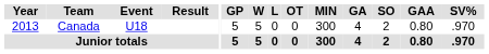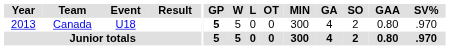 <table border="0" cellpadding="1" cellspacing="0" ID="Table3" style="text-align:center; width:40em">
 <tr bgcolor="#e0e0e0">
 <th>Year</th>
 <th>Team</th>
 <th>Event</th>
 <th>Result</th>
 <th rowspan="99" bgcolor="#ffffff"></th>
 <th>GP</th>
 <th>W</th>
 <th>L</th>
 <th>OT</th>
 <th>MIN</th>
 <th>GA</th>
 <th>SO</th>
 <th>GAA</th>
 <th>SV%</th>
 </tr>
 <tr>
 <td><a href='#'>2013</a></td>
 <td><a href='#'>Canada</a></td>
 <td><a href='#'>U18</a></td>
 <td></td>
-<td>5</td>
+<td><strong>5</strong></td>
 <td>5</td>
 <td>0</td>
 <td>0</td>
 <td>300</td>
 <td>4</td>
 <td>2</td>
 <td>0.80</td>
 <td>.970</td>
 </tr>
 <tr bgcolor="#e0e0e0">
 <th colspan="4">Junior totals</th>
 <th>5</th>
 <th>5</th>
 <th>0</th>
 <th>0</th>
 <th>300</th>
 <th>4</th>
 <th>2</th>
 <th>0.80</th>
 <th>.970</th>
 </tr>
 </table>
